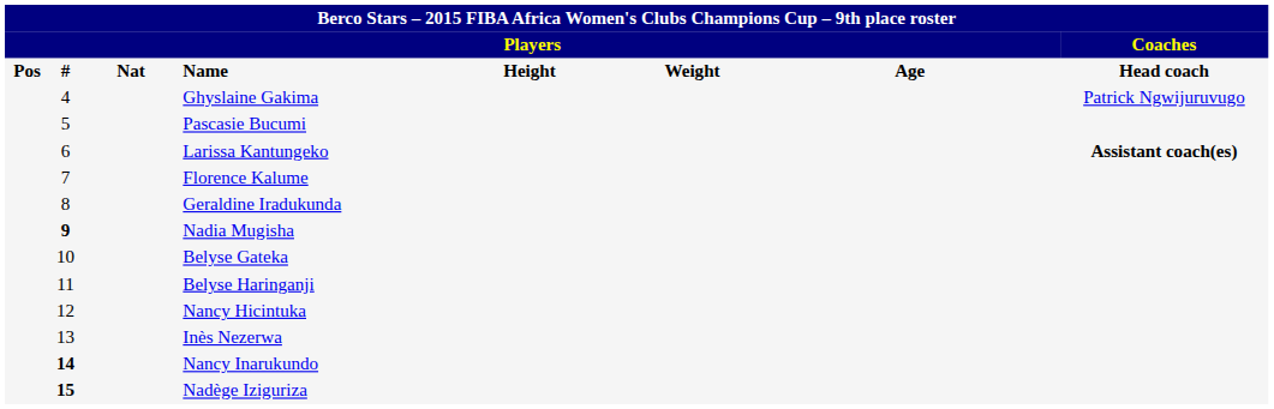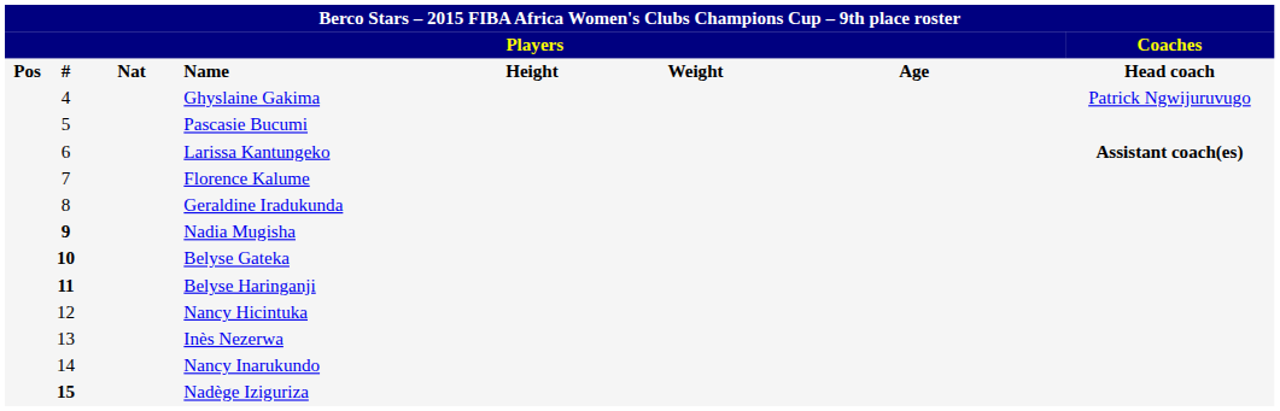 <table border=0 cellpadding=2 cellspacing=0  |- bgcolor=#f5f5f5 style="text-align:center; font-size:85%;" width=75%>
 <tr>
 <td colspan="8" style="background: navy; color: white"><strong>Berco Stars – 2015 FIBA Africa Women's Clubs Champions Cup – 9th place roster</strong></td>
 </tr>
 <tr>
 <td colspan="7" style="background: navy; color: yellow"><strong>Players</strong></td>
 <td style="background: navy; color: yellow"><strong>Coaches</strong></td>
 </tr>
 <tr style="background=#f5f5f5; color: black">
 <th width=5px>Pos</th>
 <th width=5px>#</th>
 <th width=50px>Nat</th>
 <th width=135px align=left>Name</th>
 <th width=100px>Height</th>
 <th width=70px>Weight</th>
 <th width=160px>Age</th>
 <th width=110px>Head coach</th>
 </tr>
 <tr>
 <td></td>
 <td>4</td>
 <td></td>
 <td align=left><a href='#'>Ghyslaine Gakima</a></td>
 <td></td>
 <td></td>
 <td><span></span></td>
 <td> <a href='#'>Patrick Ngwijuruvugo</a></td>
 </tr>
 <tr>
 <td></td>
 <td>5</td>
 <td></td>
 <td align=left><a href='#'>Pascasie Bucumi</a></td>
 <td></td>
 <td></td>
 <td><span></span></td>
 </tr>
 <tr>
 <td></td>
 <td>6</td>
 <td></td>
 <td align=left><a href='#'>Larissa Kantungeko</a></td>
 <td></td>
 <td></td>
 <td><span></span></td>
 <td><strong>Assistant coach(es)</strong></td>
 </tr>
 <tr>
 <td></td>
 <td>7</td>
 <td></td>
 <td align=left><a href='#'>Florence Kalume</a></td>
 <td></td>
 <td></td>
 <td><span></span></td>
 </tr>
 <tr>
 <td></td>
 <td>8</td>
 <td></td>
 <td align=left><a href='#'>Geraldine Iradukunda</a></td>
 <td></td>
 <td></td>
 <td><span></span></td>
 </tr>
 <tr>
 <td></td>
 <td><strong>9</strong></td>
 <td></td>
 <td align=left><a href='#'>Nadia Mugisha</a></td>
 <td></td>
 <td></td>
 <td><span></span></td>
 </tr>
 <tr>
 <td></td>
-<td>10</td>
+<td><strong>10</strong></td>
 <td></td>
 <td align=left><a href='#'>Belyse Gateka</a></td>
 <td></td>
 <td></td>
 <td><span></span></td>
 </tr>
 <tr>
 <td></td>
-<td>11</td>
+<td><strong>11</strong></td>
 <td></td>
 <td align=left><a href='#'>Belyse Haringanji</a></td>
 <td></td>
 <td></td>
 <td><span></span></td>
 </tr>
 <tr>
 <td></td>
 <td>12</td>
 <td></td>
 <td align=left><a href='#'>Nancy Hicintuka</a></td>
 <td></td>
 <td></td>
 <td><span></span></td>
 </tr>
 <tr>
 <td></td>
 <td>13</td>
 <td></td>
 <td align=left><a href='#'>Inès Nezerwa</a></td>
 <td></td>
 <td></td>
 <td><span></span></td>
 </tr>
 <tr>
 <td></td>
-<td><strong>14</strong></td>
+<td>14</td>
 <td></td>
 <td align=left><a href='#'>Nancy Inarukundo</a></td>
 <td></td>
 <td></td>
 <td><span></span></td>
 </tr>
 <tr>
 <td></td>
 <td><strong>15</strong></td>
 <td></td>
 <td align=left><a href='#'>Nadège Iziguriza</a></td>
 <td></td>
 <td></td>
 <td><span></span></td>
 </tr>
 </table>
